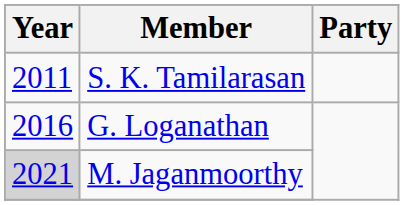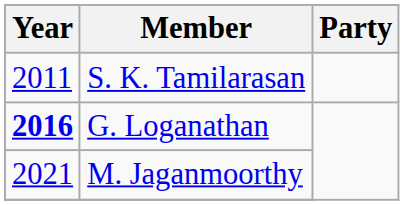 <table class="wikitable sortable">
 <tr>
 <th>Year</th>
 <th>Member</th>
 <th colspan="2">Party</th>
 </tr>
 <tr>
 <td><a href='#'>2011</a></td>
 <td><a href='#'>S. K. Tamilarasan</a></td>
 <td></td>
 </tr>
 <tr>
-<td><a href='#'>2016</a></td>
+<td><strong><a href='#'>2016</a></strong></td>
 <td><a href='#'>G. Loganathan</a></td>
 </tr>
 <tr>
-<td style="background: lightgrey;"><a href='#'>2021</a></td>
+<td><a href='#'>2021</a></td>
 <td><a href='#'>M. Jaganmoorthy</a></td>
 </tr>
 <tr>
 </tr>
 </table>
